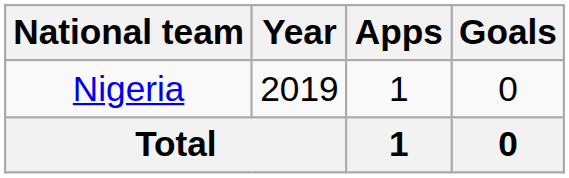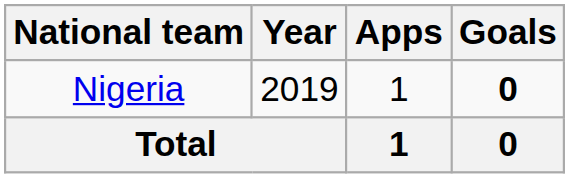 <table class="wikitable" style="text-align:center">
 <tr>
 <th>National team</th>
 <th>Year</th>
 <th>Apps</th>
 <th>Goals</th>
 </tr>
 <tr>
 <td rowspan="1"><a href='#'>Nigeria</a></td>
 <td>2019</td>
 <td>1</td>
-<td>0</td>
+<td><strong>0</strong></td>
 </tr>
 <tr>
 <th colspan=2>Total</th>
 <th>1</th>
 <th>0</th>
 </tr>
 </table>
